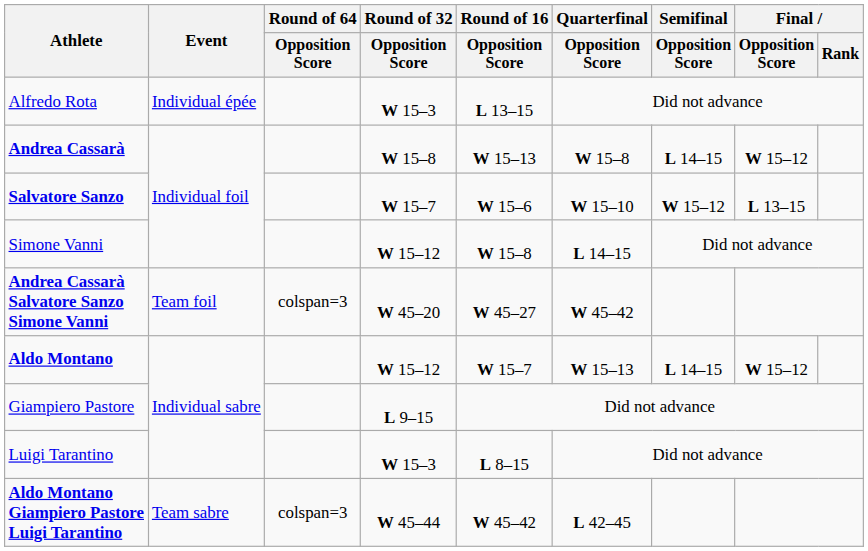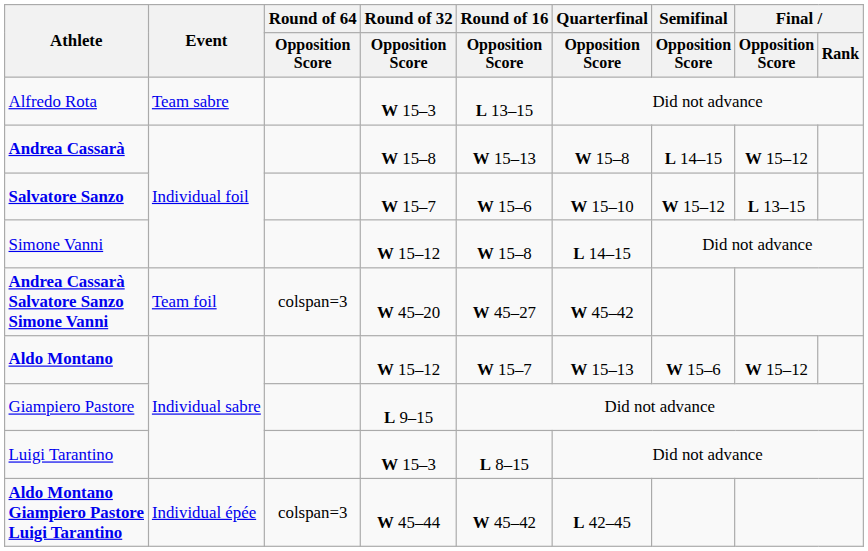 <table class="wikitable" style="font-size:90%">
 <tr>
 <th rowspan="2">Athlete</th>
 <th rowspan="2">Event</th>
 <th>Round of 64</th>
 <th>Round of 32</th>
 <th>Round of 16</th>
 <th>Quarterfinal</th>
 <th>Semifinal</th>
 <th colspan=2>Final / </th>
 </tr>
 <tr style="font-size:95%">
 <th>Opposition <br> Score</th>
 <th>Opposition <br> Score</th>
 <th>Opposition <br> Score</th>
 <th>Opposition <br> Score</th>
 <th>Opposition <br> Score</th>
 <th>Opposition <br> Score</th>
 <th>Rank</th>
 </tr>
 <tr align=center>
 <td align=left><a href='#'>Alfredo Rota</a></td>
-<td align=left><a href='#'>Individual épée</a></td>
+<td align=left><a href='#'>Team sabre</a></td>
 <td></td>
 <td><br><strong>W</strong> 15–3</td>
 <td><br><strong>L</strong> 13–15</td>
 <td colspan=4>Did not advance</td>
 </tr>
 <tr align=center>
 <td align=left><strong><a href='#'>Andrea Cassarà</a></strong></td>
 <td align=left rowspan=3><a href='#'>Individual foil</a></td>
 <td></td>
 <td><br><strong>W</strong> 15–8</td>
 <td><br><strong>W</strong> 15–13</td>
 <td><br><strong>W</strong> 15–8</td>
 <td><br><strong>L</strong> 14–15</td>
 <td><br><strong>W</strong> 15–12</td>
 <td></td>
 </tr>
 <tr align=center>
 <td align=left><strong><a href='#'>Salvatore Sanzo</a></strong></td>
 <td></td>
 <td><br><strong>W</strong> 15–7</td>
 <td><br><strong>W</strong> 15–6</td>
 <td><br><strong>W</strong> 15–10</td>
 <td><br><strong>W</strong> 15–12</td>
 <td><br><strong>L</strong> 13–15</td>
 <td></td>
 </tr>
 <tr align=center>
 <td align=left><a href='#'>Simone Vanni</a></td>
 <td></td>
 <td><br><strong>W</strong> 15–12</td>
 <td><br><strong>W</strong> 15–8</td>
 <td><br><strong>L</strong> 14–15</td>
 <td colspan=3>Did not advance</td>
 </tr>
 <tr align=center>
 <td align=left><strong><a href='#'>Andrea Cassarà</a><br><a href='#'>Salvatore Sanzo</a><br><a href='#'>Simone Vanni</a></strong></td>
 <td align=left><a href='#'>Team foil</a></td>
 <td>colspan=3 </td>
 <td><br><strong>W</strong> 45–20</td>
 <td><br><strong>W</strong> 45–27</td>
 <td><br><strong>W</strong> 45–42</td>
 <td></td>
 </tr>
 <tr align=center>
 <td align=left><strong><a href='#'>Aldo Montano</a></strong></td>
 <td align=left rowspan=3><a href='#'>Individual sabre</a></td>
 <td></td>
 <td><br><strong>W</strong> 15–12</td>
 <td><br><strong>W</strong> 15–7</td>
 <td><br><strong>W</strong> 15–13</td>
-<td><br><strong>L</strong> 14–15</td>
+<td><br><strong>W</strong> 15–6</td>
 <td><br><strong>W</strong> 15–12</td>
 <td></td>
 </tr>
 <tr align=center>
 <td align=left><a href='#'>Giampiero Pastore</a></td>
 <td></td>
 <td><br><strong>L</strong> 9–15</td>
 <td colspan=5>Did not advance</td>
 </tr>
 <tr align=center>
 <td align=left><a href='#'>Luigi Tarantino</a></td>
 <td></td>
 <td><br><strong>W</strong> 15–3</td>
 <td><br><strong>L</strong> 8–15</td>
 <td colspan=4>Did not advance</td>
 </tr>
 <tr align=center>
 <td align=left><strong><a href='#'>Aldo Montano</a><br><a href='#'>Giampiero Pastore</a><br><a href='#'>Luigi Tarantino</a></strong></td>
-<td align=left><a href='#'>Team sabre</a></td>
+<td align=left><a href='#'>Individual épée</a></td>
 <td>colspan=3 </td>
 <td><br><strong>W</strong> 45–44</td>
 <td><br><strong>W</strong> 45–42</td>
 <td><br><strong>L</strong> 42–45</td>
 <td></td>
 </tr>
 </table>
